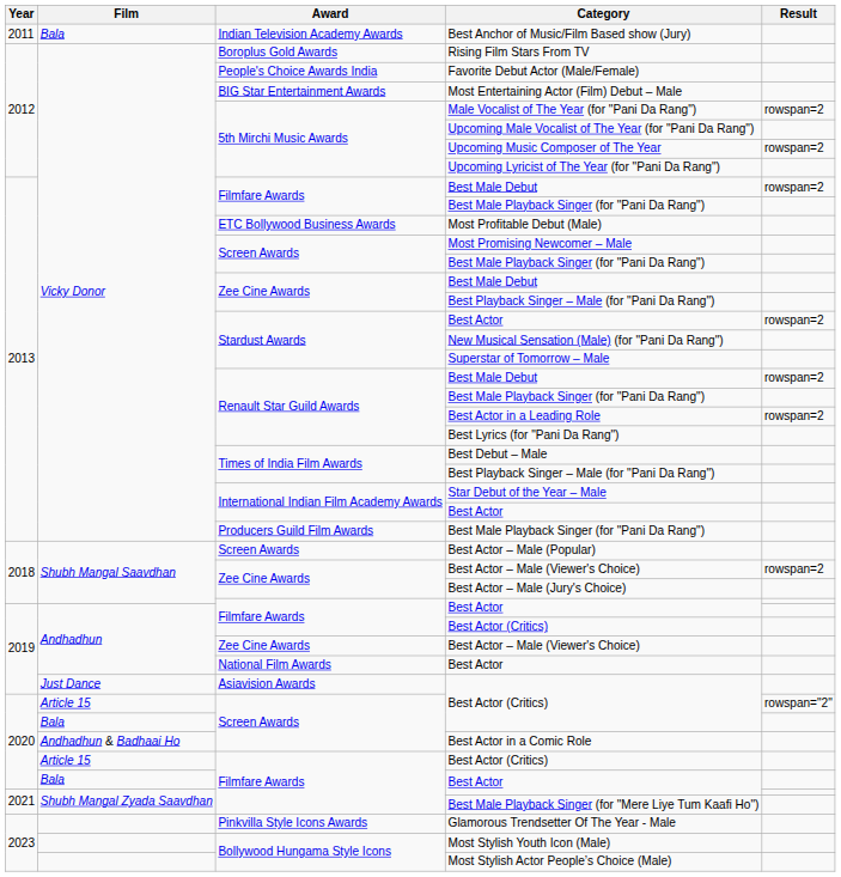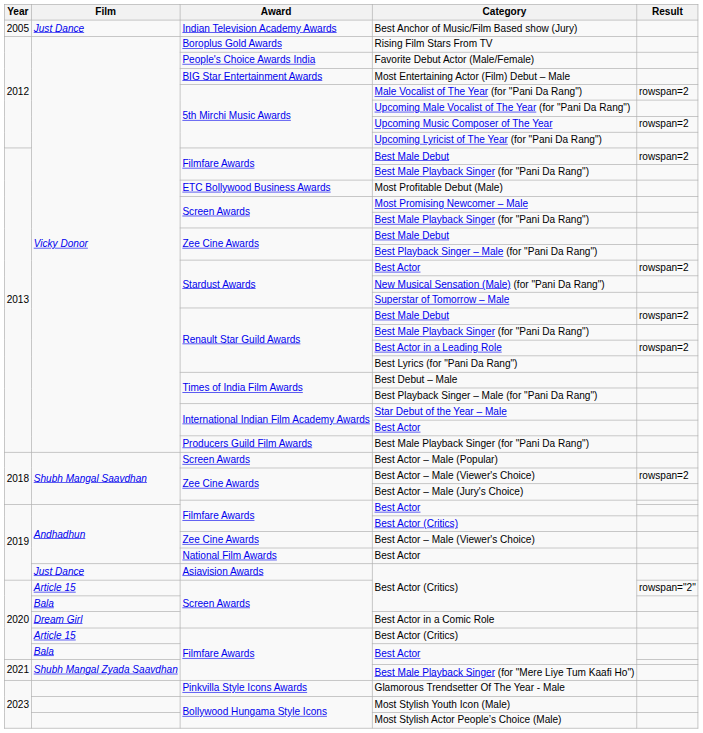 <table class="wikitable sortable">
 <tr>
 <th>Year</th>
 <th>Film</th>
 <th>Award</th>
 <th>Category</th>
 <th>Result</th>
 </tr>
 <tr>
-<td>2011</td>
-<td><em><a href='#'>Bala</a></em></td>
+<td>2005</td>
+<td><a href='#'><em>Just Dance</em></a></td>
 <td><a href='#'>Indian Television Academy Awards</a></td>
 <td>Best Anchor of Music/Film Based show (Jury)</td>
 <td></td>
 </tr>
 <tr>
 <td rowspan="7">2012</td>
 <td rowspan="26"><em><a href='#'>Vicky Donor</a></em></td>
 <td><a href='#'>Boroplus Gold Awards</a></td>
 <td>Rising Film Stars From TV</td>
 <td></td>
 </tr>
 <tr>
 <td><a href='#'>People's Choice Awards India</a></td>
 <td>Favorite Debut Actor (Male/Female)</td>
 <td></td>
 </tr>
 <tr>
 <td><a href='#'>BIG Star Entertainment Awards</a></td>
 <td>Most Entertaining Actor (Film) Debut – Male</td>
 <td></td>
 </tr>
 <tr>
 <td rowspan=4><a href='#'>5th Mirchi Music Awards</a></td>
 <td><a href='#'>Male Vocalist of The Year</a> (for "Pani Da Rang")</td>
 <td>rowspan=2 </td>
 </tr>
 <tr>
 <td><a href='#'>Upcoming Male Vocalist of The Year</a> (for "Pani Da Rang")</td>
 </tr>
 <tr>
 <td><a href='#'>Upcoming Music Composer of The Year</a></td>
 <td>rowspan=2 </td>
 </tr>
 <tr>
 <td><a href='#'>Upcoming Lyricist of The Year</a> (for "Pani Da Rang")</td>
 </tr>
 <tr>
 <td rowspan="19">2013</td>
 <td rowspan="2"><a href='#'>Filmfare Awards</a></td>
 <td><a href='#'>Best Male Debut</a></td>
 <td>rowspan=2 </td>
 </tr>
 <tr>
 <td><a href='#'>Best Male Playback Singer</a> (for "Pani Da Rang")</td>
 </tr>
 <tr>
 <td><a href='#'>ETC Bollywood Business Awards</a></td>
 <td>Most Profitable Debut (Male)</td>
 <td></td>
 </tr>
 <tr>
 <td rowspan="2"><a href='#'>Screen Awards</a></td>
 <td><a href='#'>Most Promising Newcomer – Male</a></td>
 <td></td>
 </tr>
 <tr>
 <td><a href='#'>Best Male Playback Singer</a> (for "Pani Da Rang")</td>
 <td></td>
 </tr>
 <tr>
 <td rowspan="2"><a href='#'>Zee Cine Awards</a></td>
 <td><a href='#'>Best Male Debut</a></td>
 <td></td>
 </tr>
 <tr>
 <td><a href='#'>Best Playback Singer – Male</a> (for "Pani Da Rang")</td>
 <td></td>
 </tr>
 <tr>
 <td rowspan="3"><a href='#'>Stardust Awards</a></td>
 <td><a href='#'>Best Actor</a></td>
 <td>rowspan=2 </td>
 </tr>
 <tr>
 <td><a href='#'>New Musical Sensation (Male)</a> (for "Pani Da Rang")</td>
 </tr>
 <tr>
 <td><a href='#'>Superstar of Tomorrow – Male</a></td>
 <td></td>
 </tr>
 <tr>
 <td rowspan="4"><a href='#'>Renault Star Guild Awards</a></td>
 <td><a href='#'>Best Male Debut</a></td>
 <td>rowspan=2 </td>
 </tr>
 <tr>
 <td><a href='#'>Best Male Playback Singer</a> (for "Pani Da Rang")</td>
 </tr>
 <tr>
 <td><a href='#'>Best Actor in a Leading Role</a></td>
 <td>rowspan=2 </td>
 </tr>
 <tr>
 <td>Best Lyrics (for "Pani Da Rang")</td>
 </tr>
 <tr>
 <td rowspan="2"><a href='#'>Times of India Film Awards</a></td>
 <td>Best Debut – Male</td>
 <td></td>
 </tr>
 <tr>
 <td>Best Playback Singer – Male (for "Pani Da Rang")</td>
 <td></td>
 </tr>
 <tr>
 <td rowspan="2"><a href='#'>International Indian Film Academy Awards</a></td>
 <td><a href='#'>Star Debut of the Year – Male</a></td>
 <td></td>
 </tr>
 <tr>
 <td><a href='#'>Best Actor</a></td>
 <td></td>
 </tr>
 <tr>
 <td><a href='#'>Producers Guild Film Awards</a></td>
 <td>Best Male Playback Singer (for "Pani Da Rang")</td>
 <td></td>
 </tr>
 <tr>
 <td rowspan="4">2018</td>
 <td rowspan="4"><em><a href='#'>Shubh Mangal Saavdhan</a></em></td>
 <td><a href='#'>Screen Awards</a></td>
 <td>Best Actor – Male (Popular)</td>
 <td></td>
 </tr>
 <tr>
 <td rowspan="2"><a href='#'>Zee Cine Awards</a></td>
 <td>Best Actor – Male (Viewer's Choice)</td>
 <td>rowspan=2 </td>
 </tr>
 <tr>
 <td>Best Actor – Male (Jury's Choice)</td>
 </tr>
 <tr>
 <td rowspan="3"><a href='#'>Filmfare Awards</a></td>
 <td rowspan="2"><a href='#'>Best Actor</a></td>
 <td></td>
 </tr>
 <tr>
 <td rowspan="5">2019</td>
 <td rowspan="4"><em><a href='#'>Andhadhun</a></em></td>
 <td></td>
 </tr>
 <tr>
 <td><a href='#'>Best Actor (Critics)</a></td>
 <td></td>
 </tr>
 <tr>
 <td><a href='#'>Zee Cine Awards</a></td>
 <td>Best Actor – Male (Viewer's Choice)</td>
 <td></td>
 </tr>
 <tr>
 <td><a href='#'>National Film Awards</a></td>
 <td>Best Actor</td>
 <td></td>
 </tr>
 <tr>
 <td><a href='#'><em>Just Dance</em></a></td>
 <td><a href='#'>Asiavision Awards</a></td>
 <td rowspan="3">Best Actor (Critics)</td>
 <td></td>
 </tr>
 <tr>
 <td rowspan="5">2020</td>
 <td><em><a href='#'>Article 15</a></em></td>
 <td rowspan="3"><a href='#'>Screen Awards</a></td>
 <td>rowspan="2"</td>
 </tr>
 <tr>
 <td><em><a href='#'>Bala</a></em></td>
 <td></td>
 </tr>
 <tr>
-<td><em><a href='#'>Andhadhun</a></em> & <em><a href='#'>Badhaai Ho</a></em></td>
+<td><em><a href='#'>Dream Girl</a></em></td>
 <td>Best Actor in a Comic Role</td>
 <td></td>
 </tr>
 <tr>
 <td><em><a href='#'>Article 15</a></em></td>
 <td rowspan="4"><a href='#'>Filmfare Awards</a></td>
 <td>Best Actor (Critics)</td>
 <td></td>
 </tr>
 <tr>
 <td><em><a href='#'>Bala</a></em></td>
 <td rowspan="2"><a href='#'>Best Actor</a></td>
 <td></td>
 </tr>
 <tr>
 <td rowspan="2">2021</td>
 <td rowspan="2"><em><a href='#'>Shubh Mangal Zyada Saavdhan</a></em></td>
 <td></td>
 </tr>
 <tr>
 <td><a href='#'>Best Male Playback Singer</a> (for "Mere Liye Tum Kaafi Ho")</td>
 <td></td>
 </tr>
 <tr>
 <td rowspan="3">2023</td>
 <td></td>
 <td><a href='#'>Pinkvilla Style Icons Awards</a></td>
 <td>Glamorous Trendsetter Of The Year - Male</td>
 <td></td>
 </tr>
 <tr>
 <td></td>
 <td rowspan="3"><a href='#'>Bollywood Hungama Style Icons</a></td>
 <td>Most Stylish Youth Icon (Male)</td>
 <td></td>
 </tr>
 <tr>
 <td></td>
 <td>Most Stylish Actor People’s Choice (Male)</td>
 <td></td>
 </tr>
 </table>
